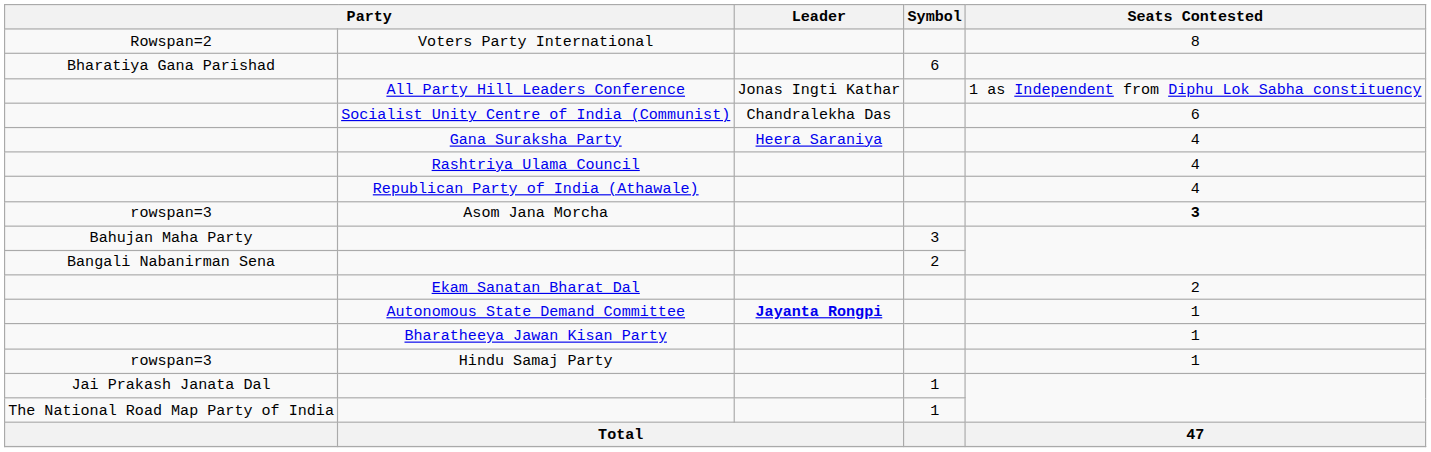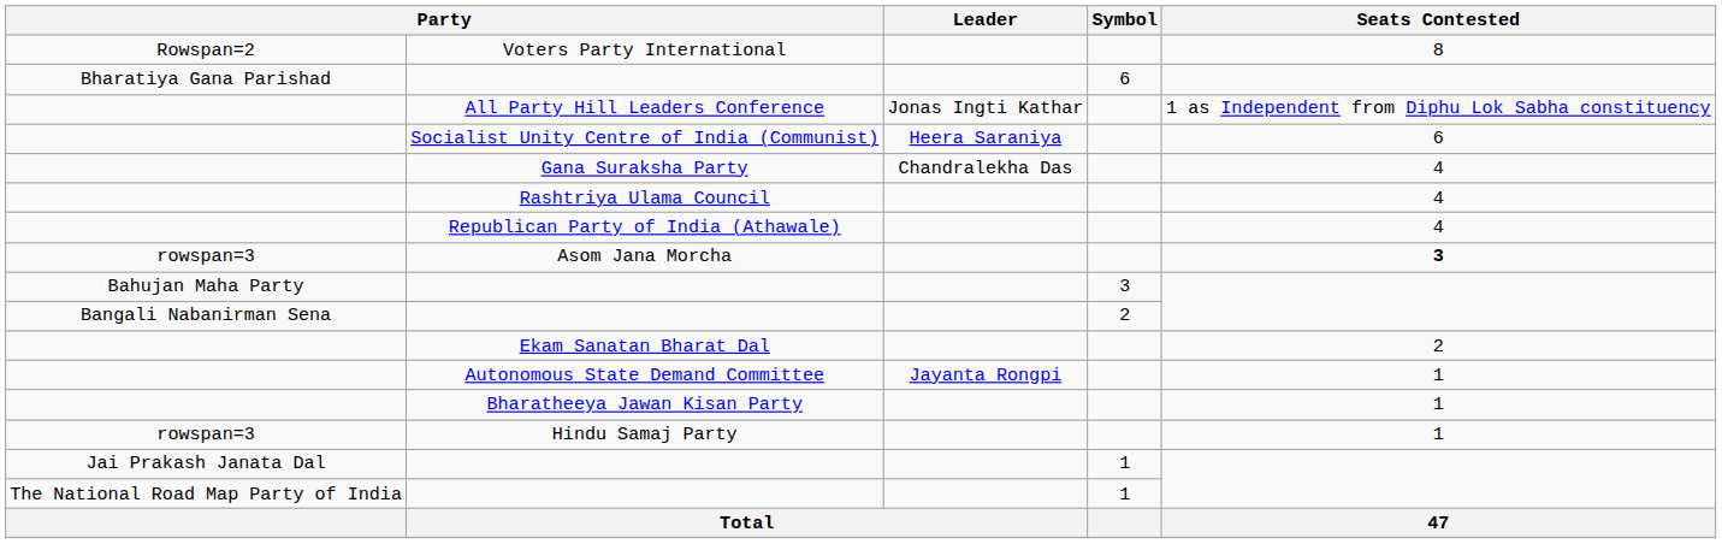 <table class="wikitable" style="text-align:center">
 <tr>
 <th colspan="2">Party</th>
 <th>Leader</th>
 <th>Symbol</th>
 <th>Seats Contested</th>
 </tr>
 <tr>
 <td>Rowspan=2 </td>
 <td>Voters Party International</td>
 <td></td>
 <td></td>
 <td>8</td>
 </tr>
 <tr>
 <td>Bharatiya Gana Parishad</td>
 <td></td>
 <td></td>
 <td>6</td>
 </tr>
 <tr>
 <td></td>
 <td><a href='#'>All Party Hill Leaders Conference</a></td>
 <td>Jonas Ingti Kathar</td>
 <td></td>
 <td>1 as <a href='#'>Independent</a> from <a href='#'>Diphu Lok Sabha constituency</a></td>
 </tr>
 <tr>
 <td></td>
 <td><a href='#'>Socialist Unity Centre of India (Communist)</a></td>
-<td>Chandralekha Das</td>
+<td><a href='#'>Heera Saraniya</a></td>
 <td></td>
 <td>6</td>
 </tr>
 <tr>
 <td></td>
 <td><a href='#'>Gana Suraksha Party</a></td>
-<td><a href='#'>Heera Saraniya</a></td>
+<td>Chandralekha Das</td>
 <td></td>
 <td>4</td>
 </tr>
 <tr>
 <td></td>
 <td><a href='#'>Rashtriya Ulama Council</a></td>
 <td></td>
 <td></td>
 <td>4</td>
 </tr>
 <tr>
 <td></td>
 <td><a href='#'>Republican Party of India (Athawale)</a></td>
 <td></td>
 <td></td>
 <td>4</td>
 </tr>
 <tr>
 <td>rowspan=3 </td>
 <td>Asom Jana Morcha</td>
 <td></td>
 <td></td>
 <td><strong>3</strong></td>
 </tr>
 <tr>
 <td>Bahujan Maha Party</td>
 <td></td>
 <td></td>
 <td>3</td>
 </tr>
 <tr>
 <td>Bangali Nabanirman Sena</td>
 <td></td>
 <td></td>
 <td>2</td>
 </tr>
 <tr>
 <td></td>
 <td><a href='#'>Ekam Sanatan Bharat Dal</a></td>
 <td></td>
 <td></td>
 <td>2</td>
 </tr>
 <tr>
 <td></td>
 <td><a href='#'>Autonomous State Demand Committee</a></td>
-<td><strong><a href='#'>Jayanta Rongpi</a></strong></td>
+<td><a href='#'>Jayanta Rongpi</a></td>
 <td></td>
 <td>1</td>
 </tr>
 <tr>
 <td></td>
 <td><a href='#'>Bharatheeya Jawan Kisan Party</a></td>
 <td></td>
 <td></td>
 <td>1</td>
 </tr>
 <tr>
 <td>rowspan=3 </td>
 <td>Hindu Samaj Party</td>
 <td></td>
 <td></td>
 <td>1</td>
 </tr>
 <tr>
 <td>Jai Prakash Janata Dal</td>
 <td></td>
 <td></td>
 <td>1</td>
 </tr>
 <tr>
 <td>The National Road Map Party of India</td>
 <td></td>
 <td></td>
 <td>1</td>
 </tr>
 <tr>
 <th></th>
 <th colspan="2">Total</th>
 <th></th>
 <th>47</th>
 </tr>
 <tr>
 </tr>
 </table>
